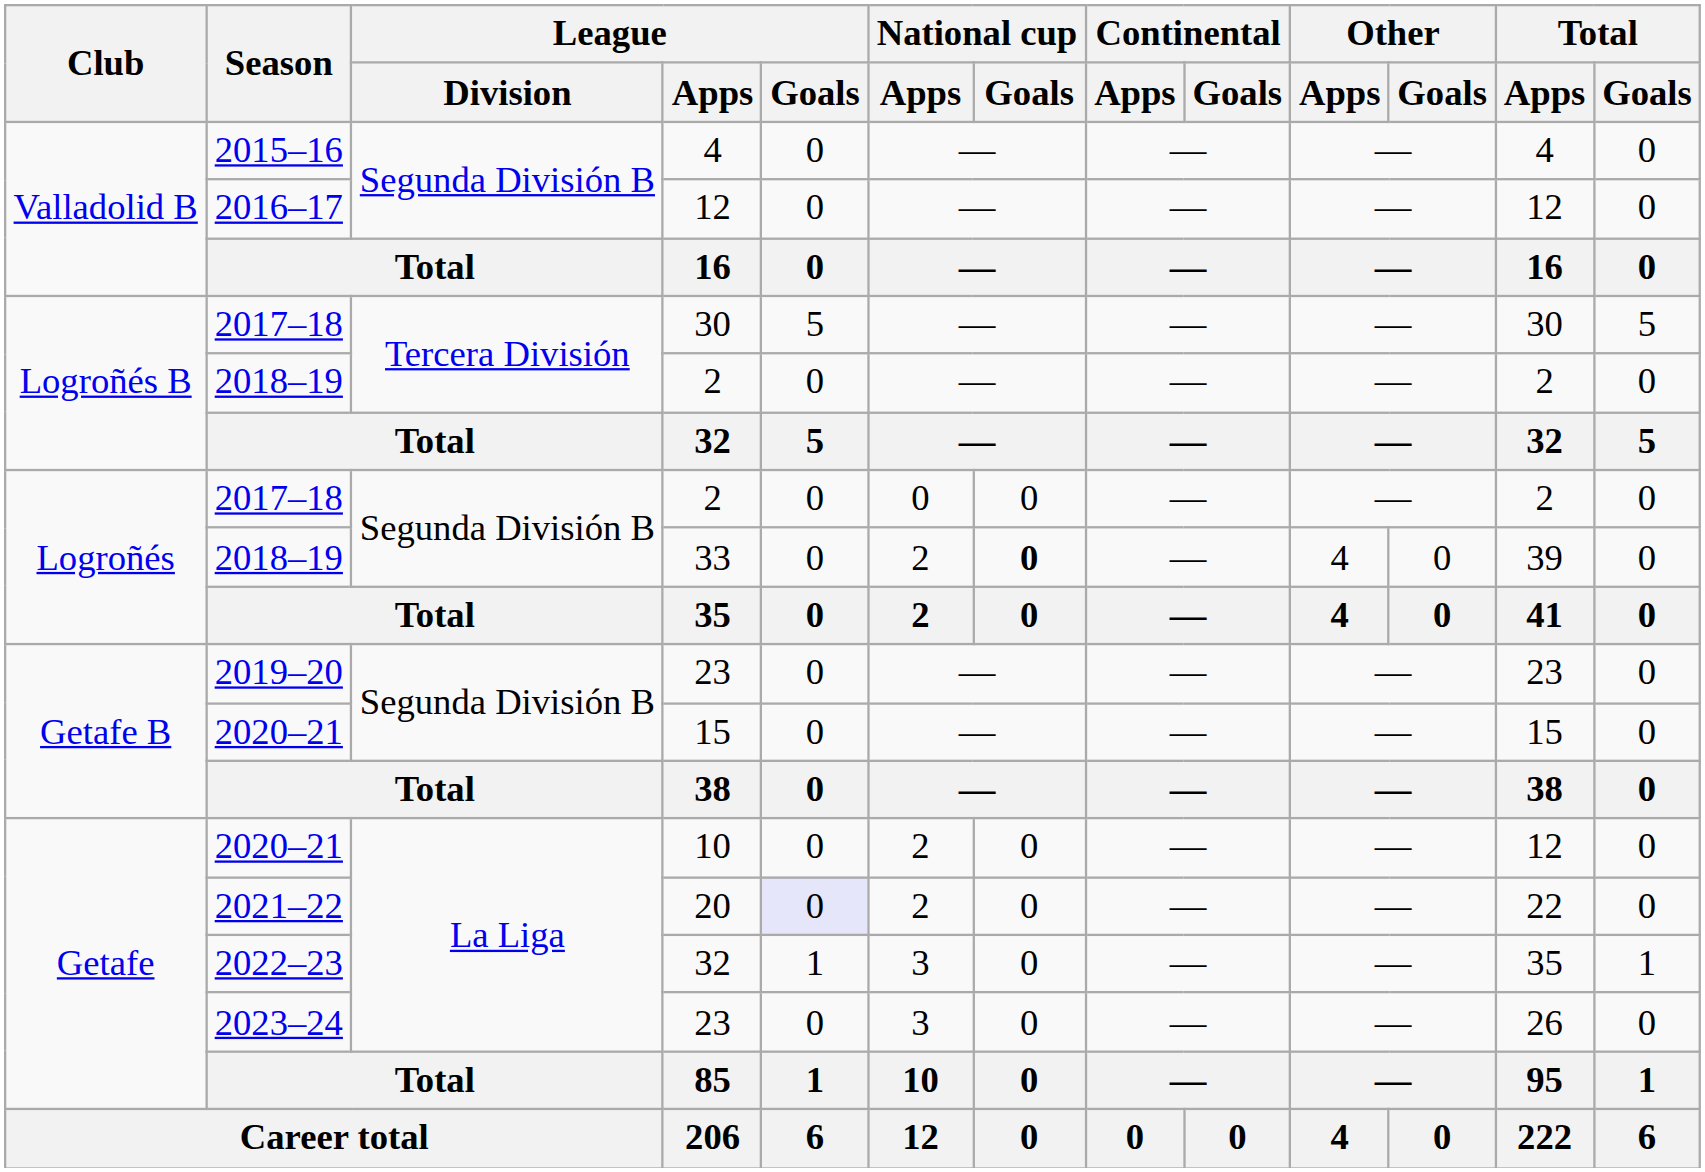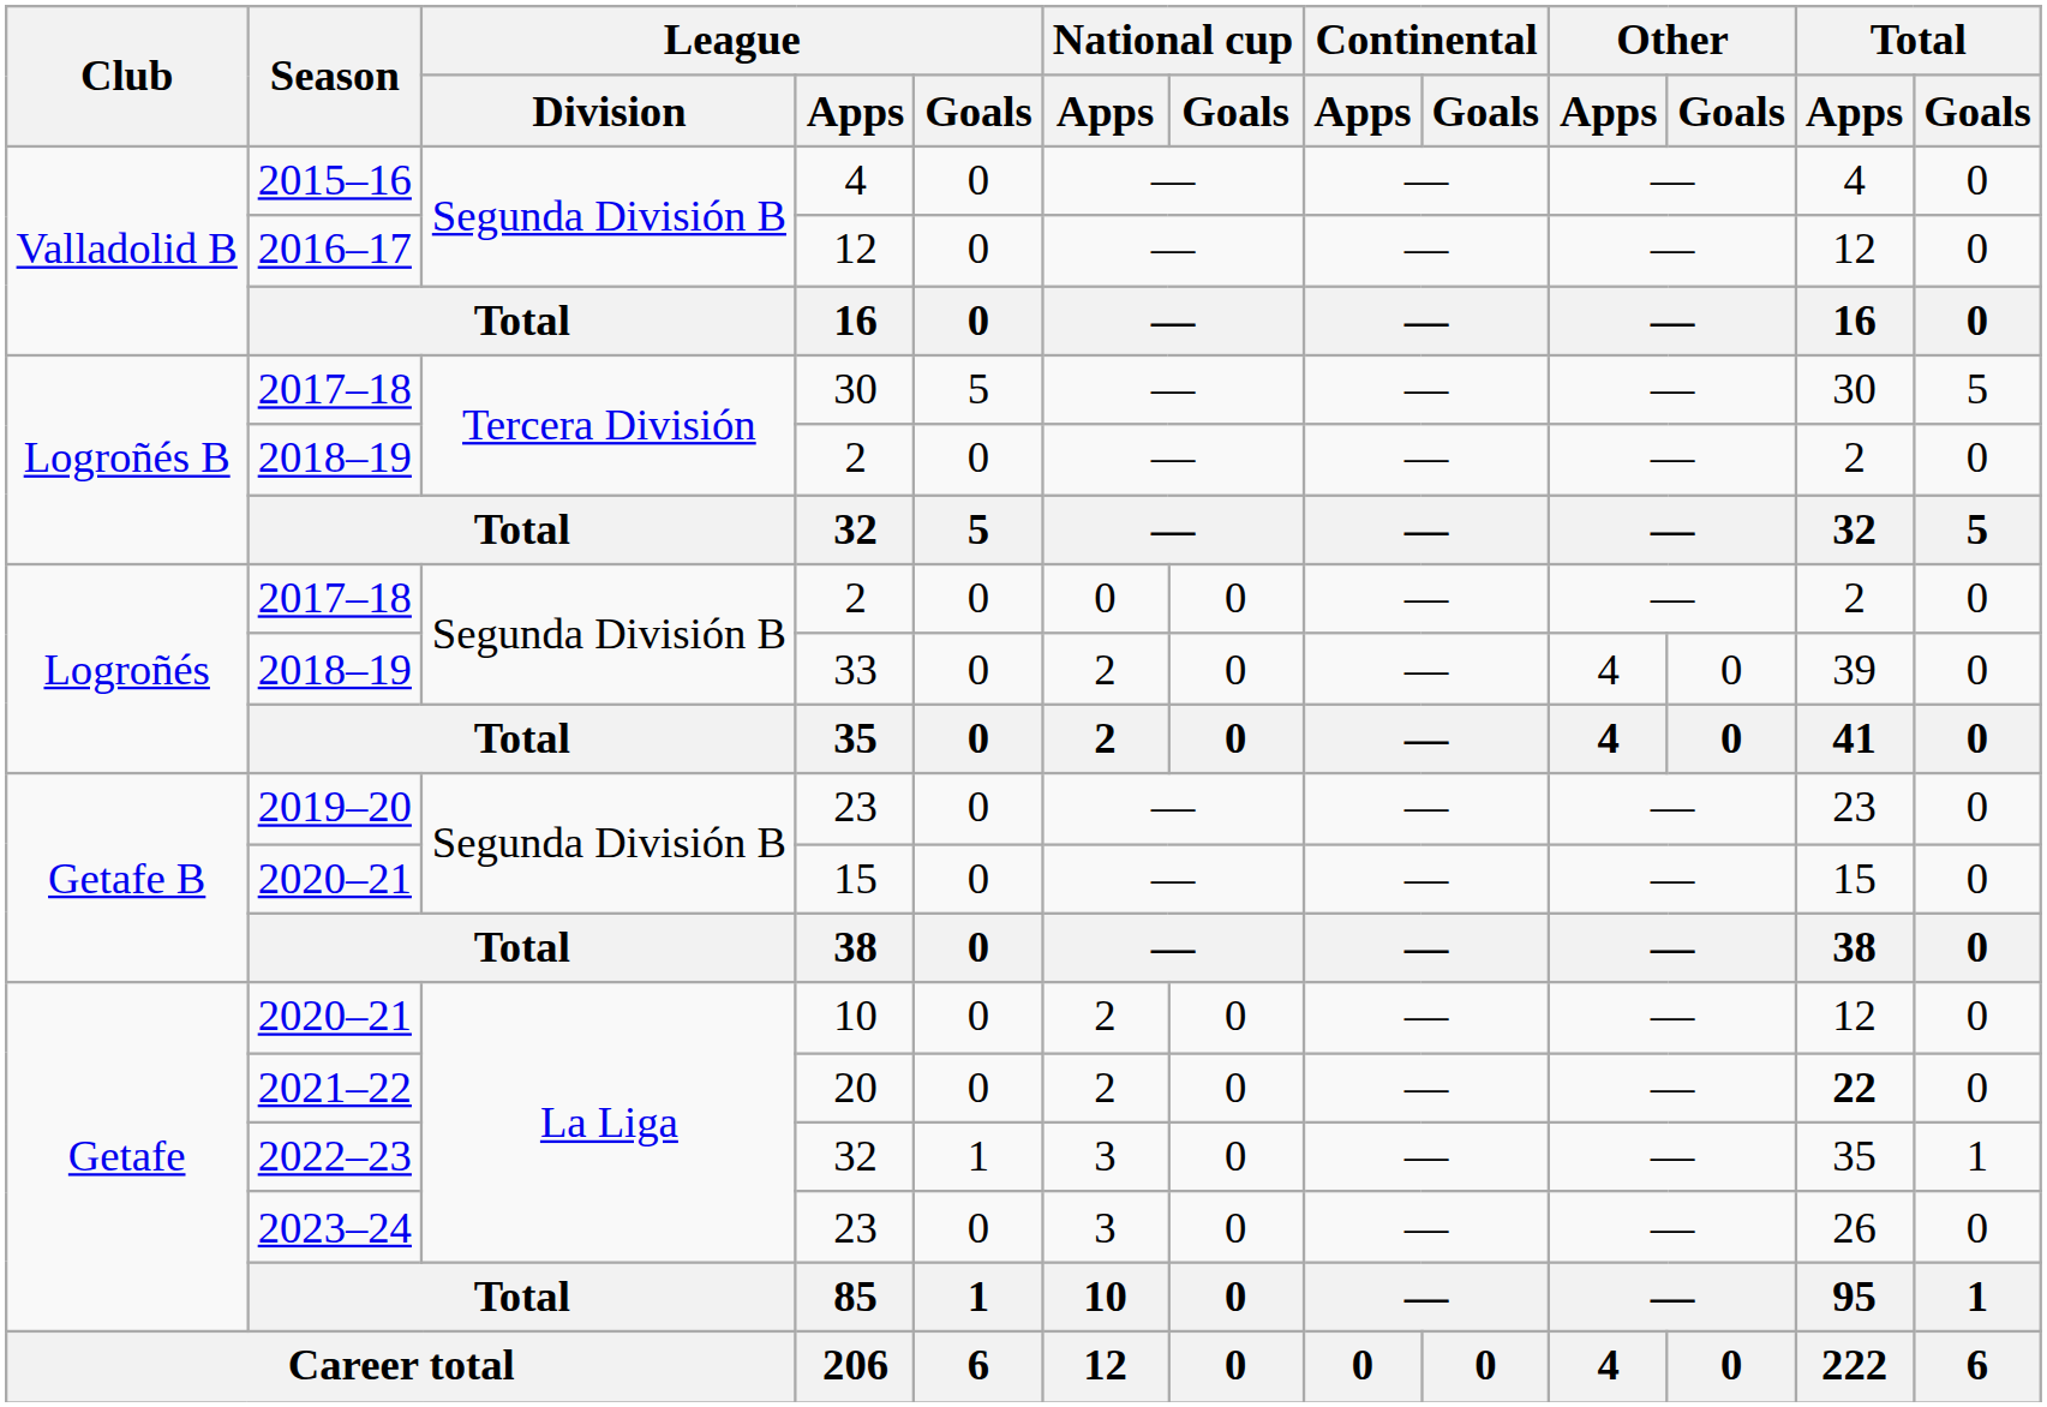 <table class="wikitable" style="text-align:center">
 <tr>
 <th rowspan="2">Club</th>
 <th rowspan="2">Season</th>
 <th colspan="3">League</th>
 <th colspan="2">National cup</th>
 <th colspan="2">Continental</th>
 <th colspan="2">Other</th>
 <th colspan="2">Total</th>
 </tr>
 <tr>
 <th>Division</th>
 <th>Apps</th>
 <th>Goals</th>
 <th>Apps</th>
 <th>Goals</th>
 <th>Apps</th>
 <th>Goals</th>
 <th>Apps</th>
 <th>Goals</th>
 <th>Apps</th>
 <th>Goals</th>
 </tr>
 <tr>
 <td rowspan="3"><a href='#'>Valladolid B</a></td>
 <td><a href='#'>2015–16</a></td>
 <td rowspan="2"><a href='#'>Segunda División B</a></td>
 <td>4</td>
 <td>0</td>
 <td colspan="2">—</td>
 <td colspan="2">—</td>
 <td colspan="2">—</td>
 <td>4</td>
 <td>0</td>
 </tr>
 <tr>
 <td><a href='#'>2016–17</a></td>
 <td>12</td>
 <td>0</td>
 <td colspan="2">—</td>
 <td colspan="2">—</td>
 <td colspan="2">—</td>
 <td>12</td>
 <td>0</td>
 </tr>
 <tr>
 <th colspan="2">Total</th>
 <th>16</th>
 <th>0</th>
 <th colspan="2">—</th>
 <th colspan="2">—</th>
 <th colspan="2">—</th>
 <th>16</th>
 <th>0</th>
 </tr>
 <tr>
 <td rowspan="3"><a href='#'>Logroñés B</a></td>
 <td><a href='#'>2017–18</a></td>
 <td rowspan="2"><a href='#'>Tercera División</a></td>
 <td>30</td>
 <td>5</td>
 <td colspan="2">—</td>
 <td colspan="2">—</td>
 <td colspan="2">—</td>
 <td>30</td>
 <td>5</td>
 </tr>
 <tr>
 <td><a href='#'>2018–19</a></td>
 <td>2</td>
 <td>0</td>
 <td colspan="2">—</td>
 <td colspan="2">—</td>
 <td colspan="2">—</td>
 <td>2</td>
 <td>0</td>
 </tr>
 <tr>
 <th colspan="2">Total</th>
 <th>32</th>
 <th>5</th>
 <th colspan="2">—</th>
 <th colspan="2">—</th>
 <th colspan="2">—</th>
 <th>32</th>
 <th>5</th>
 </tr>
 <tr>
 <td rowspan="3"><a href='#'>Logroñés</a></td>
 <td><a href='#'>2017–18</a></td>
 <td rowspan="2">Segunda División B</td>
 <td>2</td>
 <td>0</td>
 <td>0</td>
 <td>0</td>
 <td colspan="2">—</td>
 <td colspan="2">—</td>
 <td>2</td>
 <td>0</td>
 </tr>
 <tr>
 <td><a href='#'>2018–19</a></td>
 <td>33</td>
 <td>0</td>
 <td>2</td>
-<td><strong>0</strong></td>
+<td>0</td>
 <td colspan="2">—</td>
 <td>4</td>
 <td>0</td>
 <td>39</td>
 <td>0</td>
 </tr>
 <tr>
 <th colspan="2">Total</th>
 <th>35</th>
 <th>0</th>
 <th>2</th>
 <th>0</th>
 <th colspan="2">—</th>
 <th>4</th>
 <th>0</th>
 <th>41</th>
 <th>0</th>
 </tr>
 <tr>
 <td rowspan="3"><a href='#'>Getafe B</a></td>
 <td><a href='#'>2019–20</a></td>
 <td rowspan="2">Segunda División B</td>
 <td>23</td>
 <td>0</td>
 <td colspan="2">—</td>
 <td colspan="2">—</td>
 <td colspan="2">—</td>
 <td>23</td>
 <td>0</td>
 </tr>
 <tr>
 <td><a href='#'>2020–21</a></td>
 <td>15</td>
 <td>0</td>
 <td colspan="2">—</td>
 <td colspan="2">—</td>
 <td colspan="2">—</td>
 <td>15</td>
 <td>0</td>
 </tr>
 <tr>
 <th colspan="2">Total</th>
 <th>38</th>
 <th>0</th>
 <th colspan="2">—</th>
 <th colspan="2">—</th>
 <th colspan="2">—</th>
 <th>38</th>
 <th>0</th>
 </tr>
 <tr>
 <td rowspan="5"><a href='#'>Getafe</a></td>
 <td><a href='#'>2020–21</a></td>
 <td rowspan="4"><a href='#'>La Liga</a></td>
 <td>10</td>
 <td>0</td>
 <td>2</td>
 <td>0</td>
 <td colspan="2">—</td>
 <td colspan="2">—</td>
 <td>12</td>
 <td>0</td>
 </tr>
 <tr>
 <td><a href='#'>2021–22</a></td>
 <td>20</td>
-<td style="background: lavender;">0</td>
+<td>0</td>
 <td>2</td>
 <td>0</td>
 <td colspan="2">—</td>
 <td colspan="2">—</td>
-<td>22</td>
+<td><strong>22</strong></td>
 <td>0</td>
 </tr>
 <tr>
 <td><a href='#'>2022–23</a></td>
 <td>32</td>
 <td>1</td>
 <td>3</td>
 <td>0</td>
 <td colspan="2">—</td>
 <td colspan="2">—</td>
 <td>35</td>
 <td>1</td>
 </tr>
 <tr>
 <td><a href='#'>2023–24</a></td>
 <td>23</td>
 <td>0</td>
 <td>3</td>
 <td>0</td>
 <td colspan="2">—</td>
 <td colspan="2">—</td>
 <td>26</td>
 <td>0</td>
 </tr>
 <tr>
 <th colspan="2">Total</th>
 <th>85</th>
 <th>1</th>
 <th>10</th>
 <th>0</th>
 <th colspan="2">—</th>
 <th colspan="2">—</th>
 <th>95</th>
 <th>1</th>
 </tr>
 <tr>
 <th colspan="3">Career total</th>
 <th>206</th>
 <th>6</th>
 <th>12</th>
 <th>0</th>
 <th>0</th>
 <th>0</th>
 <th>4</th>
 <th>0</th>
 <th>222</th>
 <th>6</th>
 </tr>
 </table>
